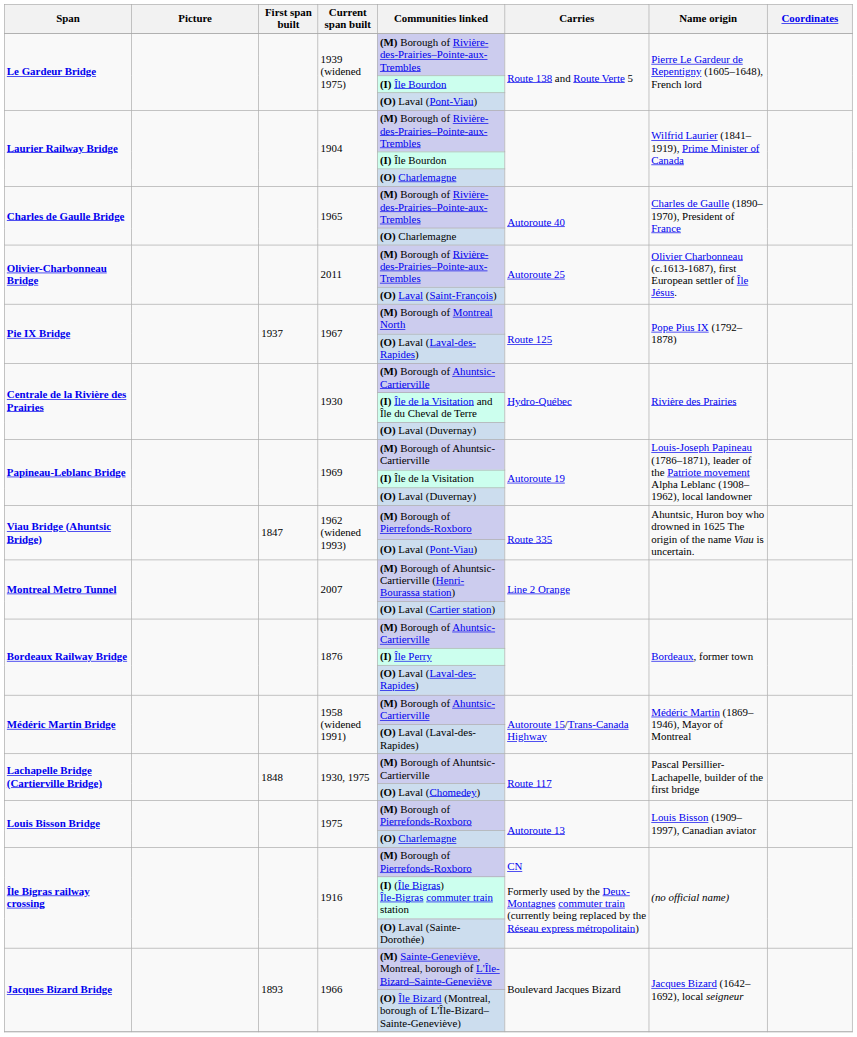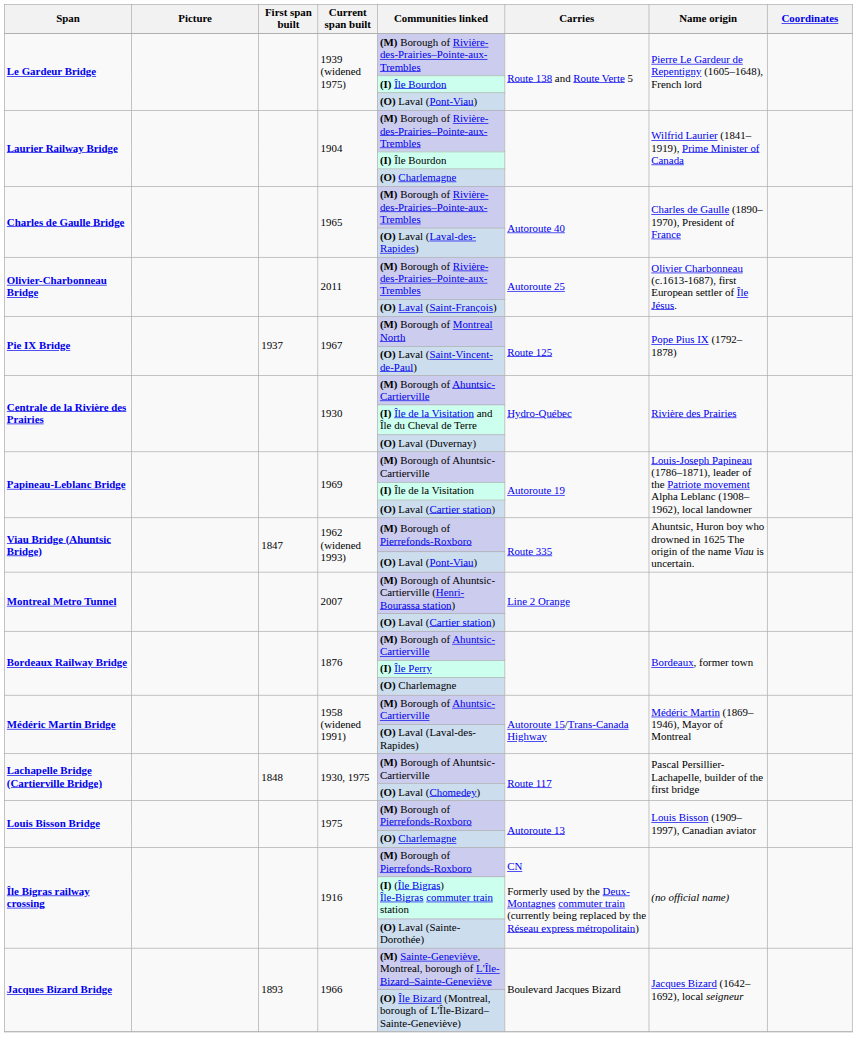 <table class=wikitable>
 <tr>
 <th width="15%">Span</th>
 <th width="15%">Picture</th>
 <th width="7%">First span built</th>
 <th width="7%">Current span built</th>
 <th width="15%">Communities linked</th>
 <th width="17%">Carries</th>
 <th width="14%">Name origin</th>
 <th width="10%"><a href='#'>Coordinates</a></th>
 </tr>
 <tr>
 </tr>
 <tr>
 <td rowspan="3"><strong><a href='#'>Le Gardeur Bridge</a></strong></td>
 <td rowspan="3"></td>
 <td rowspan="3"></td>
 <td rowspan="3">1939 (widened 1975)</td>
 <td style="background:#ccccee;"><strong>(M)</strong> Borough of <a href='#'>Rivière-des-Prairies–Pointe-aux-Trembles</a></td>
 <td rowspan="3"><br> <a href='#'>Route 138</a> and <a href='#'>Route Verte</a> 5</td>
 <td rowspan="3"><a href='#'>Pierre Le Gardeur de Repentigny</a> (1605–1648), French lord</td>
 <td rowspan="3"></td>
 </tr>
 <tr>
 <td style="background:#ccffee;"><strong>(I)</strong> <a href='#'>Île Bourdon</a></td>
 </tr>
 <tr>
 <td style="background:#ccddee;"><strong>(O)</strong> Laval (<a href='#'>Pont-Viau</a>)</td>
 </tr>
 <tr>
 <td rowspan="3"><strong><a href='#'>Laurier Railway Bridge</a></strong></td>
 <td rowspan="3"></td>
 <td rowspan="3"></td>
 <td rowspan="3">1904</td>
 <td style="background:#ccccee;"><strong>(M)</strong> Borough of <a href='#'>Rivière-des-Prairies–Pointe-aux-Trembles</a></td>
 <td rowspan="3"></td>
 <td rowspan="3"><a href='#'>Wilfrid Laurier</a> (1841–1919), <a href='#'>Prime Minister of Canada</a></td>
 <td rowspan="3"></td>
 </tr>
 <tr>
 <td style="background:#ccffee;"><strong>(I)</strong> Île Bourdon</td>
 </tr>
 <tr>
 <td style="background:#ccddee;"><strong>(O)</strong> <a href='#'>Charlemagne</a></td>
 </tr>
 <tr>
 <td rowspan="2"><strong><a href='#'>Charles de Gaulle Bridge</a></strong></td>
 <td rowspan="2"></td>
 <td rowspan="2"></td>
 <td rowspan="2">1965</td>
 <td style="background:#ccccee;"><strong>(M)</strong> Borough of <a href='#'>Rivière-des-Prairies–Pointe-aux-Trembles</a></td>
 <td rowspan="2"><br> <a href='#'>Autoroute 40</a></td>
 <td rowspan="2"><a href='#'>Charles de Gaulle</a> (1890–1970), President of <a href='#'>France</a></td>
 <td rowspan="2"></td>
 </tr>
 <tr>
-<td style="background:#ccddee;"><strong>(O)</strong> Charlemagne</td>
+<td style="background:#ccddee;"><strong>(O)</strong> Laval (<a href='#'>Laval-des-Rapides</a>)</td>
 </tr>
 <tr>
 <td rowspan="2"><strong><a href='#'>Olivier-Charbonneau Bridge</a></strong></td>
 <td rowspan="2"></td>
 <td rowspan="2"></td>
 <td rowspan="2">2011 </td>
 <td style="background:#ccccee;"><strong>(M)</strong> Borough of <a href='#'>Rivière-des-Prairies–Pointe-aux-Trembles</a></td>
 <td rowspan="2"> <a href='#'>Autoroute 25</a></td>
 <td rowspan="2"><a href='#'>Olivier Charbonneau</a> (c.1613-1687), first European settler of <a href='#'>Île Jésus</a>.</td>
 <td rowspan="2"></td>
 </tr>
 <tr>
 <td style="background:#ccddee;"><strong>(O)</strong> <a href='#'>Laval</a> (<a href='#'>Saint-François</a>)</td>
 </tr>
 <tr>
 <td rowspan="2"><strong><a href='#'>Pie IX Bridge</a></strong></td>
 <td rowspan="2"></td>
 <td rowspan="2">1937</td>
 <td rowspan="2">1967</td>
 <td style="background:#ccccee;"><strong>(M)</strong> Borough of <a href='#'>Montreal North</a></td>
 <td rowspan="2"><br> <a href='#'>Route 125</a></td>
 <td rowspan="2"><a href='#'>Pope Pius IX</a> (1792–1878)</td>
 <td rowspan="2"></td>
 </tr>
 <tr>
-<td style="background:#ccddee;"><strong>(O)</strong> Laval (<a href='#'>Laval-des-Rapides</a>)</td>
+<td style="background:#ccddee;"><strong>(O)</strong> Laval (<a href='#'>Saint-Vincent-de-Paul</a>)</td>
 </tr>
 <tr>
 <td rowspan="3"><strong><a href='#'>Centrale de la Rivière des Prairies</a></strong></td>
 <td rowspan="3"></td>
 <td rowspan="3"></td>
 <td rowspan="3">1930</td>
 <td style="background:#ccccee;"><strong>(M)</strong> Borough of <a href='#'>Ahuntsic-Cartierville</a></td>
 <td rowspan="3"><a href='#'>Hydro-Québec</a> <br></td>
 <td rowspan="3"><a href='#'>Rivière des Prairies</a></td>
 <td rowspan="3"></td>
 </tr>
 <tr>
 <td style="background:#ccffee;"><strong>(I)</strong> <a href='#'>Île de la Visitation</a> and Île du Cheval de Terre</td>
 </tr>
 <tr>
 <td style="background:#ccddee;"><strong>(O)</strong> Laval (Duvernay)</td>
 </tr>
 <tr>
 <td rowspan="3"><strong><a href='#'>Papineau-Leblanc Bridge</a></strong></td>
 <td rowspan="3"></td>
 <td rowspan="3"></td>
 <td rowspan="3">1969</td>
 <td style="background:#ccccee;"><strong>(M)</strong> Borough of Ahuntsic-Cartierville</td>
 <td rowspan="3"><br> <a href='#'>Autoroute 19</a></td>
 <td rowspan="3"><a href='#'>Louis-Joseph Papineau</a> (1786–1871), leader of the <a href='#'>Patriote movement</a><br>Alpha Leblanc (1908–1962), local landowner</td>
 <td rowspan="3"></td>
 </tr>
 <tr>
 <td style="background:#ccffee;"><strong>(I)</strong> Île de la Visitation</td>
 </tr>
 <tr>
-<td style="background:#ccddee;"><strong>(O)</strong> Laval (Duvernay)</td>
+<td style="background:#ccddee;"><strong>(O)</strong> Laval (<a href='#'>Cartier station</a>)</td>
 </tr>
 <tr>
 <td rowspan="2"><strong><a href='#'>Viau Bridge (Ahuntsic Bridge)</a></strong></td>
 <td rowspan="2"></td>
 <td rowspan="2">1847</td>
 <td rowspan="2">1962 (widened 1993)</td>
 <td style="background:#ccccee;"><strong>(M)</strong> Borough of <a href='#'>Pierrefonds-Roxboro</a></td>
 <td rowspan="2"><br> <a href='#'>Route 335</a></td>
 <td rowspan="2">Ahuntsic, Huron boy who drowned in 1625 The origin of the name <em>Viau</em> is uncertain.</td>
 <td rowspan="2"></td>
 </tr>
 <tr>
 <td style="background:#ccddee;"><strong>(O)</strong> Laval (<a href='#'>Pont-Viau</a>)</td>
 </tr>
 <tr>
 <td rowspan="2"><strong><a href='#'>Montreal Metro Tunnel</a></strong></td>
 <td rowspan="2"></td>
 <td rowspan="2"></td>
 <td rowspan="2">2007</td>
 <td style="background:#ccccee;"><strong>(M)</strong> Borough of Ahuntsic-Cartierville (<a href='#'>Henri-Bourassa station</a>)</td>
 <td rowspan="2">  <a href='#'>Line 2 Orange</a></td>
 <td rowspan="2"></td>
 <td rowspan="2"></td>
 </tr>
 <tr>
 <td style="background:#ccddee;"><strong>(O)</strong> Laval (<a href='#'>Cartier station</a>)</td>
 </tr>
 <tr>
 <td rowspan="3"><strong><a href='#'>Bordeaux Railway Bridge</a></strong></td>
 <td rowspan="3"></td>
 <td rowspan="3"></td>
 <td rowspan="3">1876</td>
 <td style="background:#ccccee;"><strong>(M)</strong> Borough of <a href='#'>Ahuntsic-Cartierville</a></td>
 <td rowspan="3"></td>
 <td rowspan="3"><a href='#'>Bordeaux</a>, former town</td>
 <td rowspan="3"></td>
 </tr>
 <tr>
 <td style="background:#ccffee;"><strong>(I)</strong> <a href='#'>Île Perry</a></td>
 </tr>
 <tr>
-<td style="background:#ccddee;"><strong>(O)</strong> Laval (<a href='#'>Laval-des-Rapides</a>)</td>
+<td style="background:#ccddee;"><strong>(O)</strong> Charlemagne</td>
 </tr>
 <tr>
 <td rowspan="2"><strong><a href='#'>Médéric Martin Bridge</a></strong></td>
 <td rowspan="2"></td>
 <td rowspan="2"></td>
 <td rowspan="2">1958 (widened 1991)</td>
 <td style="background:#ccccee;"><strong>(M)</strong> Borough of <a href='#'>Ahuntsic-Cartierville</a></td>
 <td rowspan="2"> <br> <a href='#'>Autoroute 15</a>/<a href='#'>Trans-Canada Highway</a></td>
 <td rowspan="2"><a href='#'>Médéric Martin</a> (1869–1946), Mayor of Montreal</td>
 <td rowspan="2"></td>
 </tr>
 <tr>
 <td style="background:#ccddee;"><strong>(O)</strong> Laval (Laval-des-Rapides)</td>
 </tr>
 <tr>
 <td rowspan="2"><strong><a href='#'>Lachapelle Bridge (Cartierville Bridge)</a></strong></td>
 <td rowspan="2"></td>
 <td rowspan="2">1848</td>
 <td rowspan="2">1930, 1975</td>
 <td style="background:#ccccee;"><strong>(M)</strong> Borough of Ahuntsic-Cartierville</td>
 <td rowspan="2"><br> <a href='#'>Route 117</a></td>
 <td rowspan="2">Pascal Persillier-Lachapelle, builder of the first bridge</td>
 <td rowspan="2"></td>
 </tr>
 <tr>
 <td style="background:#ccddee;"><strong>(O)</strong> Laval (<a href='#'>Chomedey</a>)</td>
 </tr>
 <tr>
 <td rowspan="2"><strong><a href='#'>Louis Bisson Bridge</a></strong></td>
 <td rowspan="2"></td>
 <td rowspan="2"></td>
 <td rowspan="2">1975</td>
 <td style="background:#ccccee;"><strong>(M)</strong> Borough of <a href='#'>Pierrefonds-Roxboro</a></td>
 <td rowspan="2"><br> <a href='#'>Autoroute 13</a></td>
 <td rowspan="2"><a href='#'>Louis Bisson</a> (1909–1997), Canadian aviator</td>
 <td rowspan="2"></td>
 </tr>
 <tr>
 <td style="background:#ccddee;"><strong>(O)</strong> <a href='#'>Charlemagne</a></td>
 </tr>
 <tr>
 <td rowspan="3"><strong><a href='#'>Île Bigras railway crossing</a></strong></td>
 <td rowspan="3"></td>
 <td rowspan="3"></td>
 <td rowspan="3">1916</td>
 <td style="background:#ccccee;"><strong>(M)</strong> Borough of <a href='#'>Pierrefonds-Roxboro</a></td>
 <td rowspan="3"><a href='#'>CN</a><br><br>Formerly used by the <a href='#'>Deux-Montagnes</a> <a href='#'>commuter train</a> (currently being replaced by the <a href='#'>Réseau express métropolitain</a>)</td>
 <td rowspan="3"><em>(no official name)</em></td>
 <td rowspan="3"></td>
 </tr>
 <tr>
 <td style="background:#ccffee;"><strong>(I)</strong> (<a href='#'>Île Bigras</a>)<br><a href='#'>Île-Bigras</a> <a href='#'>commuter train</a> station</td>
 </tr>
 <tr>
 <td style="background:#ccddee;"><strong>(O)</strong> Laval (Sainte-Dorothée)</td>
 </tr>
 <tr>
 <td rowspan="2"><strong><a href='#'>Jacques Bizard Bridge</a></strong></td>
 <td rowspan="2"></td>
 <td rowspan="2">1893</td>
 <td rowspan="2">1966</td>
 <td style="background:#ccccee;"><strong>(M)</strong> <a href='#'>Sainte-Geneviève</a>, Montreal, borough of <a href='#'>L'Île-Bizard–Sainte-Geneviève</a></td>
 <td rowspan="2">Boulevard Jacques Bizard</td>
 <td rowspan="2"><a href='#'>Jacques Bizard</a> (1642–1692), local <em>seigneur</em></td>
 <td rowspan="2"></td>
 </tr>
 <tr>
 <td style="background:#ccddee;"><strong>(O)</strong> <a href='#'>Île Bizard</a> (Montreal, borough of L'Île-Bizard–Sainte-Geneviève)</td>
 </tr>
 <tr>
 </tr>
 </table>
